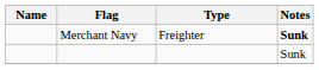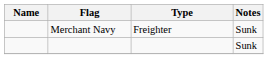 <table class="wikitable sortable">
 <tr>
 <th scope="col" width="60px">Name</th>
 <th scope="col" width="120px">Flag</th>
 <th scope="col" width="150px">Type</th>
 <th>Notes</th>
 </tr>
 <tr>
 <td align="left"></td>
 <td align="left"> Merchant Navy</td>
 <td align="left">Freighter </td>
-<td align="left"><strong>Sunk</strong></td>
+<td align="left">Sunk</td>
 </tr>
 <tr>
 <td align="left"></td>
 <td align="left"></td>
 <td align="left"></td>
 <td align="left">Sunk</td>
 </tr>
 <tr>
 </tr>
 </table>
